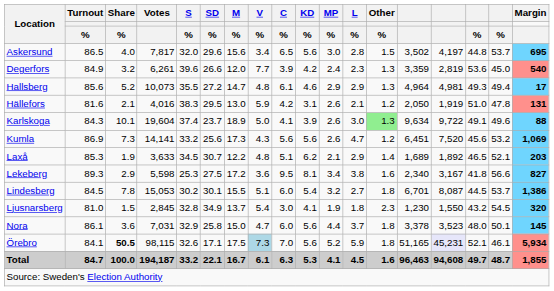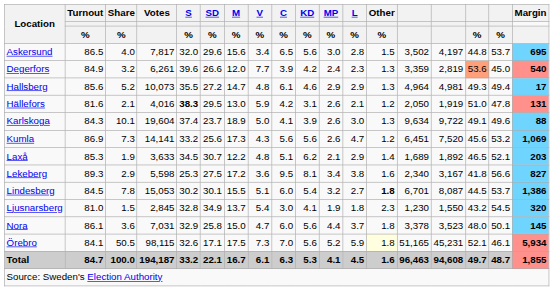 <table class="wikitable sortable" style="text-align:right; font-size:95%; line-height:20px;">
 <tr>
 <th rowspan="3">Location</th>
 <th>Turnout</th>
 <th>Share</th>
 <th>Votes</th>
 <th width="30px" class="unsortable"><a href='#'>S</a></th>
 <th width="30px" class="unsortable"><a href='#'>SD</a></th>
 <th width="30px" class="unsortable"><a href='#'>M</a></th>
 <th width="30px" class="unsortable"><a href='#'>V</a></th>
 <th width="30px" class="unsortable"><a href='#'>C</a></th>
 <th width="30px" class="unsortable"><a href='#'>KD</a></th>
 <th width="30px" class="unsortable"><a href='#'>MP</a></th>
 <th width="30px" class="unsortable"><a href='#'>L</a></th>
 <th width="30px" class="unsortable">Other</th>
 <th></th>
 <th></th>
 <th></th>
 <th></th>
 <th>Margin</th>
 </tr>
 <tr>
 <th></th>
 <th></th>
 <th></th>
 <th style="background:"></th>
 <th style="background:"></th>
 <th style="background:"></th>
 <th style="background:"></th>
 <th style="background:"></th>
 <th style="background:"></th>
 <th style="background:"></th>
 <th style="background:"></th>
 <th style="background:"></th>
 <th style="background:"></th>
 <th style="background:"></th>
 <th style="background:"></th>
 <th style="background:"></th>
 </tr>
 <tr>
 <th data-sort-type="number">%</th>
 <th data-sort-type="number">%</th>
 <th></th>
 <th data-sort-type="number">%</th>
 <th data-sort-type="number">%</th>
 <th data-sort-type="number">%</th>
 <th data-sort-type="number">%</th>
 <th data-sort-type="number">%</th>
 <th data-sort-type="number">%</th>
 <th data-sort-type="number">%</th>
 <th data-sort-type="number">%</th>
 <th data-sort-type="number">%</th>
 <th></th>
 <th></th>
 <th data-sort-type="number">%</th>
 <th data-sort-type="number">%</th>
 <th data-sort-type="number"></th>
 </tr>
 <tr>
 <td align="left"><a href='#'>Askersund</a></td>
 <td>86.5</td>
 <td>4.0</td>
 <td>7,817</td>
 <td>32.0</td>
 <td>29.6</td>
 <td>15.6</td>
 <td>3.4</td>
 <td>6.5</td>
 <td>5.6</td>
 <td>3.0</td>
 <td>2.8</td>
 <td>1.5</td>
 <td>3,502</td>
 <td>4,197</td>
 <td>44.8</td>
 <td>53.7</td>
 <td bgcolor=#6fd5fe><strong>695</strong></td>
 </tr>
 <tr>
 <td align="left"><a href='#'>Degerfors</a></td>
 <td>84.9</td>
 <td>3.2</td>
 <td>6,261</td>
 <td>39.6</td>
 <td>26.6</td>
 <td>12.0</td>
 <td>7.7</td>
 <td>3.9</td>
 <td>4.2</td>
 <td>2.4</td>
 <td>2.3</td>
 <td>1.3</td>
 <td>3,359</td>
 <td>2,819</td>
-<td>53.6</td>
+<td style="background: lightsalmon;">53.6</td>
 <td>45.0</td>
 <td bgcolor=#ff908c><strong>540</strong></td>
 </tr>
 <tr>
 <td align="left"><a href='#'>Hallsberg</a></td>
 <td>85.6</td>
 <td>5.2</td>
 <td>10,073</td>
 <td>35.5</td>
 <td>27.2</td>
 <td>14.7</td>
 <td>4.8</td>
 <td>6.1</td>
 <td>4.6</td>
 <td>2.9</td>
 <td>2.9</td>
 <td>1.3</td>
 <td>4,964</td>
 <td>4,981</td>
 <td>49.3</td>
 <td>49.4</td>
 <td bgcolor=#6fd5fe><strong>17</strong></td>
 </tr>
 <tr>
 <td align="left"><a href='#'>Hällefors</a></td>
 <td>81.6</td>
 <td>2.1</td>
 <td>4,016</td>
-<td>38.3</td>
+<td><strong>38.3</strong></td>
 <td>29.5</td>
 <td>13.0</td>
 <td>5.9</td>
 <td>4.2</td>
 <td>3.1</td>
 <td>2.6</td>
 <td>2.1</td>
 <td>1.2</td>
 <td>2,050</td>
 <td>1,919</td>
 <td>51.0</td>
 <td>47.8</td>
 <td bgcolor=#ff908c><strong>131</strong></td>
 </tr>
 <tr>
 <td align="left"><a href='#'>Karlskoga</a></td>
 <td>84.3</td>
 <td>10.1</td>
 <td>19,604</td>
 <td>37.4</td>
 <td>23.7</td>
 <td>18.9</td>
 <td>5.0</td>
 <td>4.1</td>
 <td>3.9</td>
 <td>2.6</td>
 <td>3.0</td>
-<td style="background: lightgreen;">1.3</td>
+<td>1.3</td>
 <td>9,634</td>
 <td>9,722</td>
 <td>49.1</td>
 <td>49.6</td>
 <td bgcolor=#6fd5fe><strong>88</strong></td>
 </tr>
 <tr>
 <td align="left"><a href='#'>Kumla</a></td>
 <td>86.9</td>
 <td>7.3</td>
 <td>14,141</td>
 <td>33.2</td>
 <td>25.6</td>
 <td>17.3</td>
 <td>4.3</td>
 <td>5.6</td>
 <td>5.6</td>
 <td>2.6</td>
 <td>4.7</td>
 <td>1.2</td>
 <td>6,451</td>
 <td>7,520</td>
 <td>45.6</td>
 <td>53.2</td>
 <td bgcolor=#6fd5fe><strong>1,069</strong></td>
 </tr>
 <tr>
 <td align="left"><a href='#'>Laxå</a></td>
 <td>85.3</td>
 <td>1.9</td>
 <td>3,633</td>
 <td>34.5</td>
 <td>30.7</td>
 <td>12.2</td>
 <td>4.8</td>
 <td>5.1</td>
 <td>6.2</td>
 <td>2.1</td>
 <td>2.9</td>
 <td>1.4</td>
 <td>1,689</td>
 <td>1,892</td>
 <td>46.5</td>
 <td>52.1</td>
 <td bgcolor=#6fd5fe><strong>203</strong></td>
 </tr>
 <tr>
 <td align="left"><a href='#'>Lekeberg</a></td>
 <td>89.3</td>
 <td>2.9</td>
 <td>5,598</td>
 <td>25.3</td>
 <td>27.5</td>
 <td>17.2</td>
 <td>3.6</td>
 <td>9.5</td>
 <td>8.1</td>
 <td>3.4</td>
 <td>3.8</td>
 <td>1.6</td>
 <td>2,340</td>
 <td>3,167</td>
 <td>41.8</td>
 <td>56.6</td>
 <td bgcolor=#6fd5fe><strong>827</strong></td>
 </tr>
 <tr>
 <td align="left"><a href='#'>Lindesberg</a></td>
 <td>84.5</td>
 <td>7.8</td>
 <td>15,053</td>
 <td>30.2</td>
 <td>30.1</td>
 <td>15.5</td>
 <td>5.1</td>
 <td>6.0</td>
 <td>5.4</td>
 <td>3.2</td>
 <td>2.7</td>
-<td>1.8</td>
+<td><strong>1.8</strong></td>
 <td>6,701</td>
 <td>8,087</td>
 <td>44.5</td>
 <td>53.7</td>
 <td bgcolor=#6fd5fe><strong>1,386</strong></td>
 </tr>
 <tr>
 <td align="left"><a href='#'>Ljusnarsberg</a></td>
 <td>81.0</td>
 <td>1.5</td>
 <td>2,845</td>
 <td>32.8</td>
 <td>34.9</td>
 <td>13.7</td>
 <td>5.4</td>
 <td>3.0</td>
 <td>4.1</td>
 <td>1.9</td>
 <td>1.8</td>
 <td>2.3</td>
 <td>1,230</td>
 <td>1,550</td>
 <td>43.2</td>
 <td>54.5</td>
 <td bgcolor=#6fd5fe><strong>320</strong></td>
 </tr>
 <tr>
 <td align="left"><a href='#'>Nora</a></td>
 <td>86.1</td>
 <td>3.6</td>
 <td>7,031</td>
 <td>32.9</td>
 <td>25.8</td>
 <td>15.0</td>
 <td>4.7</td>
 <td>6.0</td>
 <td>5.6</td>
 <td>4.4</td>
 <td>3.7</td>
 <td>1.8</td>
 <td>3,378</td>
 <td>3,523</td>
 <td>48.0</td>
 <td>50.1</td>
 <td bgcolor=#6fd5fe><strong>145</strong></td>
 </tr>
 <tr>
 <td align="left"><a href='#'>Örebro</a></td>
 <td>84.1</td>
-<td><strong>50.5</strong></td>
+<td>50.5</td>
 <td>98,115</td>
 <td>32.6</td>
 <td>17.1</td>
 <td>17.5</td>
-<td style="background: lightblue;">7.3</td>
+<td>7.3</td>
 <td>7.0</td>
 <td>5.6</td>
 <td>5.2</td>
 <td>5.9</td>
-<td>1.8</td>
+<td style="background: lightyellow;">1.8</td>
 <td>51,165</td>
-<td style="background: lavender;">45,231</td>
+<td>45,231</td>
 <td>52.1</td>
 <td>46.1</td>
 <td bgcolor=#ff908c><strong>5,934</strong></td>
 </tr>
 <tr style="background:#CDCDCD;">
 <td align="left"><strong>Total</strong></td>
 <td><strong>84.7</strong></td>
 <td><strong>100.0</strong></td>
 <td><strong>194,187</strong></td>
 <td><strong>33.2</strong></td>
 <td><strong>22.1</strong></td>
 <td><strong>16.7</strong></td>
 <td><strong>6.1</strong></td>
 <td><strong>6.3</strong></td>
 <td><strong>5.3</strong></td>
 <td><strong>4.1</strong></td>
 <td><strong>4.5</strong></td>
 <td><strong>1.6</strong></td>
 <td><strong>96,463</strong></td>
 <td><strong>94,608</strong></td>
 <td><strong>49.7</strong></td>
 <td><strong>48.7</strong></td>
 <td bgcolor=#ff908c><strong>1,855</strong></td>
 </tr>
 <tr>
 <td colspan="18" align="left">Source: Sweden's <a href='#'>Election Authority</a></td>
 </tr>
 </table>
